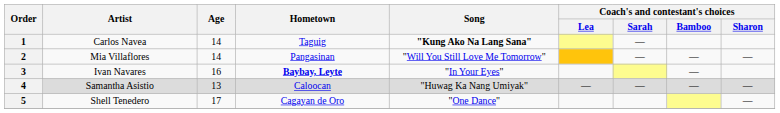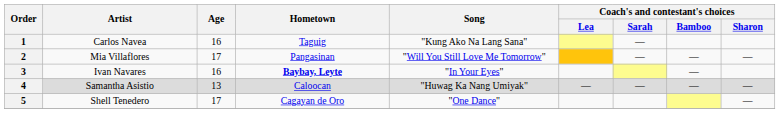 <table class="wikitable" style="text-align:center; line-height:17px;width:100%;">
 <tr>
 <th scope="col" rowspan="2" width="05%">Order</th>
 <th scope="col" rowspan="2" width="20%">Artist</th>
 <th scope="col" rowspan="2" width="05%">Age</th>
 <th scope="col" rowspan="2" width="20%">Hometown</th>
 <th scope="col" rowspan="2" width="22%">Song</th>
 <th scope="col" colspan="4" width="28%">Coach's and contestant's choices</th>
 </tr>
 <tr>
 <th width="07%"><a href='#'>Lea</a></th>
 <th width="07%"><a href='#'>Sarah</a></th>
 <th width="07%"><a href='#'>Bamboo</a></th>
 <th width="07%"><a href='#'>Sharon</a></th>
 </tr>
 <tr>
 <th>1</th>
 <td>Carlos Navea</td>
-<td>14</td>
+<td>16</td>
 <td><a href='#'>Taguig</a></td>
-<td><strong>"Kung Ako Na Lang Sana"</strong></td>
+<td>"Kung Ako Na Lang Sana"</td>
 <td style="background:#fdfc8f;"><strong></strong></td>
 <td>—</td>
 <td><strong></strong></td>
 <td><strong></strong></td>
 </tr>
 <tr>
 <th>2</th>
 <td>Mia Villaflores</td>
-<td>14</td>
+<td>17</td>
 <td><a href='#'>Pangasinan</a></td>
 <td>"<a href='#'>Will You Still Love Me Tomorrow</a>"</td>
 <td style="background:#FFC40C;"><strong></strong></td>
 <td>—</td>
 <td>—</td>
 <td>—</td>
 </tr>
 <tr>
 <th>3</th>
 <td>Ivan Navares</td>
 <td>16</td>
 <td><strong><a href='#'>Baybay, Leyte</a></strong></td>
 <td>"<a href='#'>In Your Eyes</a>"</td>
 <td><strong></strong></td>
 <td style="background:#fdfc8f;"><strong></strong></td>
 <td>—</td>
 <td><strong></strong></td>
 </tr>
 <tr>
 <th>4</th>
 <td style="background:#DCDCDC;">Samantha Asistio</td>
 <td style="background:#DCDCDC;">13</td>
 <td style="background:#DCDCDC;"><a href='#'>Caloocan</a></td>
 <td style="background:#DCDCDC;">"Huwag Ka Nang Umiyak"</td>
 <td style="background:#DCDCDC;">—</td>
 <td style="background:#DCDCDC;">—</td>
 <td style="background:#DCDCDC;">—</td>
 <td style="background:#DCDCDC;">—</td>
 </tr>
 <tr>
 <th>5</th>
 <td>Shell Tenedero</td>
 <td>17</td>
 <td><a href='#'>Cagayan de Oro</a></td>
 <td>"<a href='#'>One Dance</a>"</td>
 <td><strong></strong></td>
 <td><strong></strong></td>
 <td style="background:#fdfc8f;"><strong></strong></td>
 <td>—</td>
 </tr>
 <tr>
 </tr>
 </table>
